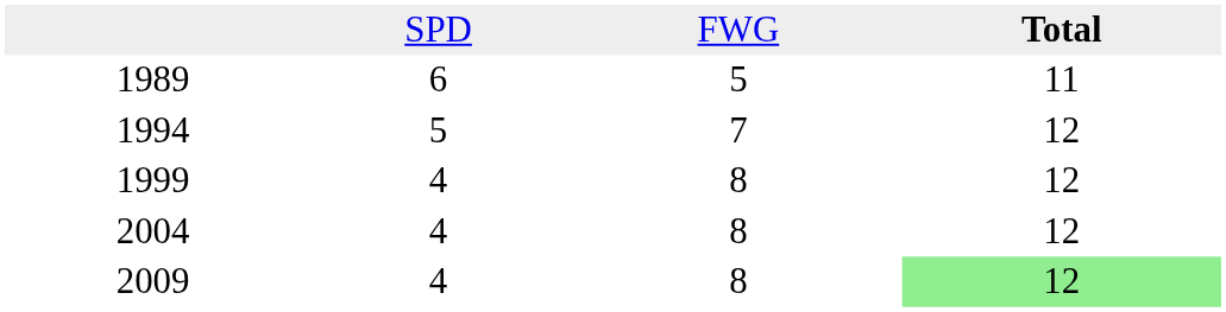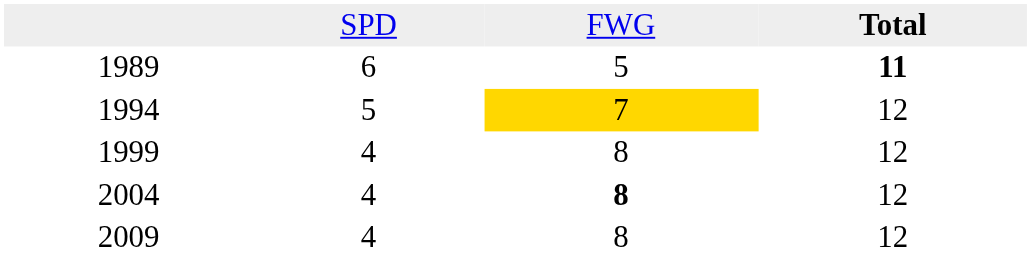 <table border="0" cellpadding="2" cellspacing="0" width="60%">
 <tr bgcolor="#eeeeee" align="center">
 <td></td>
 <td><a href='#'>SPD</a></td>
 <td><a href='#'>FWG</a></td>
 <td><strong>Total</strong></td>
 </tr>
 <tr align="center">
 <td>1989</td>
 <td>6</td>
 <td>5</td>
-<td>11</td>
+<td><strong>11</strong></td>
 </tr>
 <tr align="center">
 <td>1994</td>
 <td>5</td>
-<td>7</td>
+<td style="background: gold;">7</td>
 <td>12</td>
 </tr>
 <tr align="center">
 <td>1999</td>
 <td>4</td>
 <td>8</td>
 <td>12</td>
 </tr>
 <tr align="center">
 <td>2004</td>
 <td>4</td>
-<td>8</td>
+<td><strong>8</strong></td>
 <td>12</td>
 </tr>
 <tr align="center">
 <td>2009</td>
 <td>4</td>
 <td>8</td>
-<td style="background: lightgreen;">12</td>
+<td>12</td>
 </tr>
 </table>
